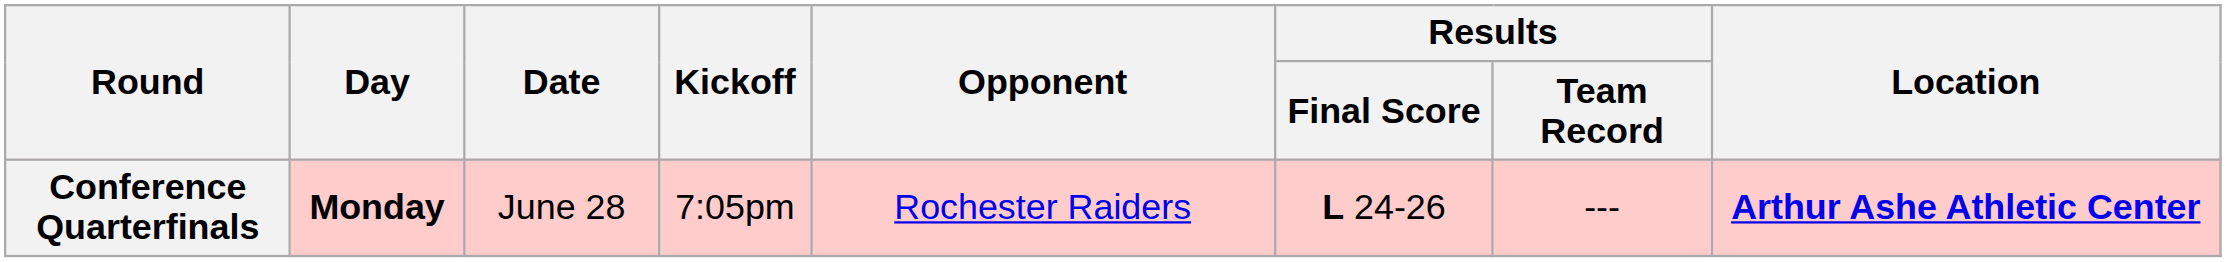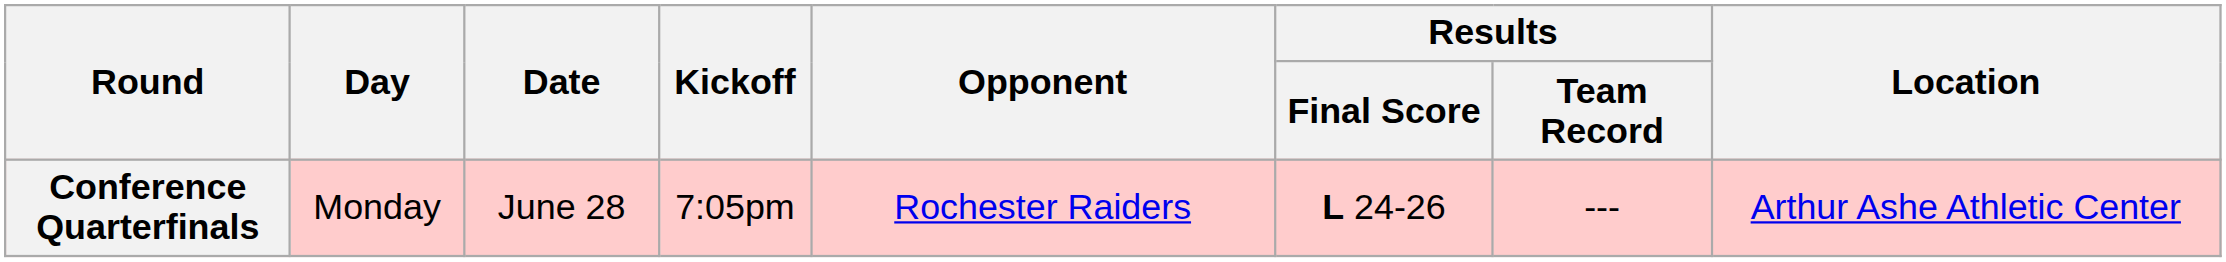 <table class="wikitable">
 <tr>
 <th rowspan="2" width="120">Round</th>
 <th rowspan="2" width="70">Day</th>
 <th rowspan="2" width="80">Date</th>
 <th rowspan="2" width="60">Kickoff</th>
 <th rowspan="2" width="200">Opponent</th>
 <th colspan="2" width="180">Results</th>
 <th rowspan="2" width="220">Location</th>
 </tr>
 <tr>
 <th width="90">Final Score</th>
 <th width="90">Team Record</th>
 </tr>
 <tr align="center" bgcolor="#FFCCCC">
 <th>Conference Quarterfinals</th>
-<td align="center"><strong>Monday</strong></td>
+<td align="center">Monday</td>
 <td align="center">June 28</td>
 <td align="center">7:05pm</td>
 <td align="center"><a href='#'>Rochester Raiders</a></td>
 <td align="center"><strong>L</strong> 24-26</td>
 <td align="center">---</td>
-<td align="center"><strong><a href='#'>Arthur Ashe Athletic Center</a></strong></td>
+<td align="center"><a href='#'>Arthur Ashe Athletic Center</a></td>
 </tr>
 </table>
